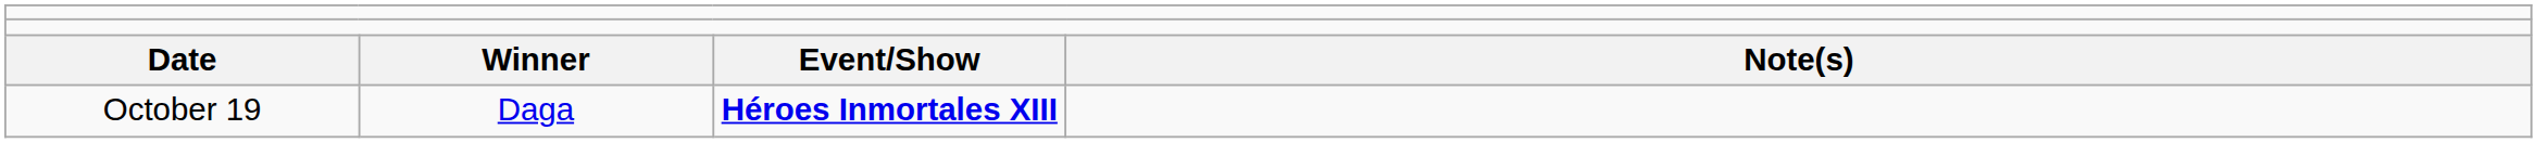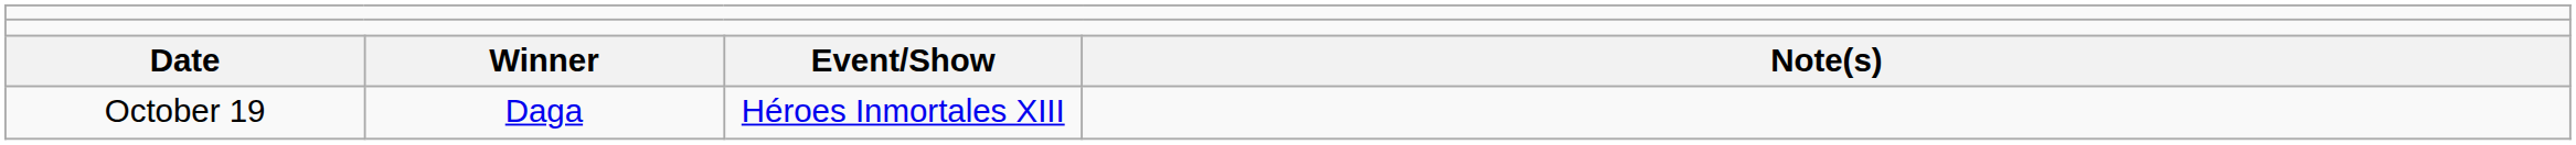 <table class="wikitable" style="text-align:center; width:100%;">
 <tr>
 <td colspan="4"></td>
 </tr>
 <tr>
 <td colspan="4"><strong></strong></td>
 </tr>
 <tr>
 <th width=14%>Date</th>
 <th width=14%>Winner</th>
 <th width=14%>Event/Show</th>
 <th width=58%>Note(s)</th>
 </tr>
 <tr>
 <td>October 19</td>
 <td><a href='#'>Daga</a></td>
-<td><strong><a href='#'>Héroes Inmortales XIII</a></strong></td>
+<td><a href='#'>Héroes Inmortales XIII</a></td>
 <td></td>
 </tr>
 </table>
